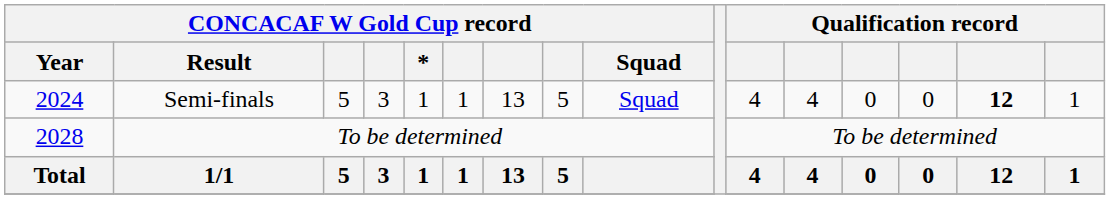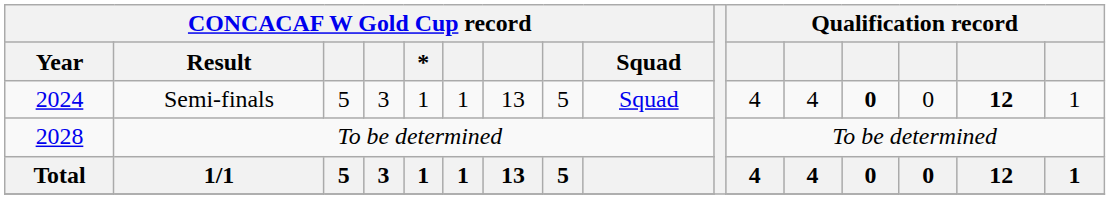 <table class="wikitable" style="text-align: center;">
 <tr>
 <th colspan=9><a href='#'>CONCACAF W Gold Cup</a> record</th>
 <th width=1% rowspan=14></th>
 <th colspan=7>Qualification record</th>
 </tr>
 <tr>
 <th>Year</th>
 <th>Result</th>
 <th></th>
 <th></th>
 <th>*</th>
 <th></th>
 <th></th>
 <th></th>
 <th>Squad</th>
 <th></th>
 <th></th>
 <th></th>
 <th></th>
 <th></th>
 <th></th>
 </tr>
 <tr>
 <td> <a href='#'>2024</a></td>
 <td>Semi-finals</td>
 <td>5</td>
 <td>3</td>
 <td>1</td>
 <td>1</td>
 <td>13</td>
 <td>5</td>
 <td><a href='#'>Squad</a></td>
 <td>4</td>
 <td>4</td>
-<td>0</td>
+<td><strong>0</strong></td>
 <td>0</td>
 <td><strong>12</strong></td>
 <td>1</td>
 </tr>
 <tr>
 <td> <a href='#'>2028</a></td>
 <td colspan=9><em>To be determined</em></td>
 <td colspan=6><em>To be determined</em></td>
 </tr>
 <tr>
 <th>Total</th>
 <th>1/1</th>
 <th>5</th>
 <th>3</th>
 <th>1</th>
 <th>1</th>
 <th>13</th>
 <th>5</th>
 <th></th>
 <th>4</th>
 <th>4</th>
 <th>0</th>
 <th>0</th>
 <th>12</th>
 <th>1</th>
 </tr>
 <tr>
 </tr>
 </table>
